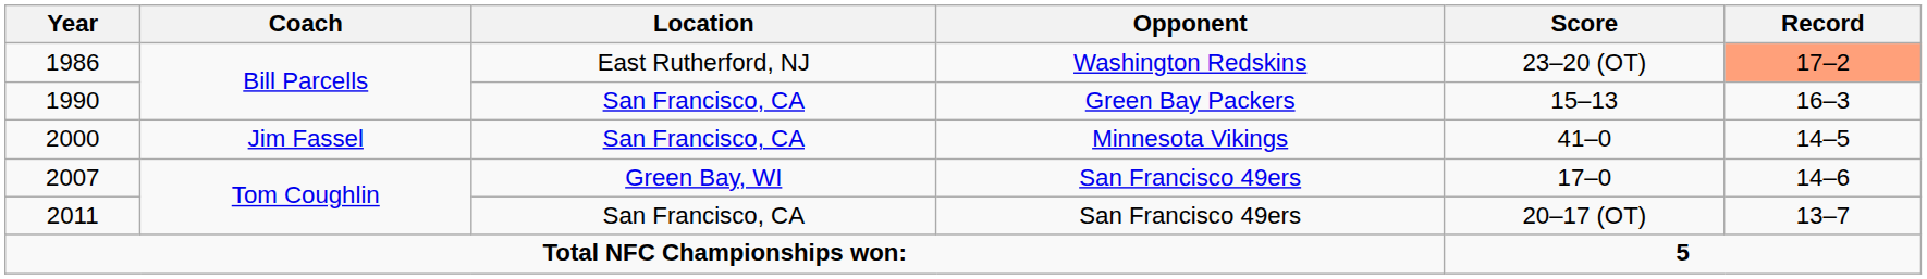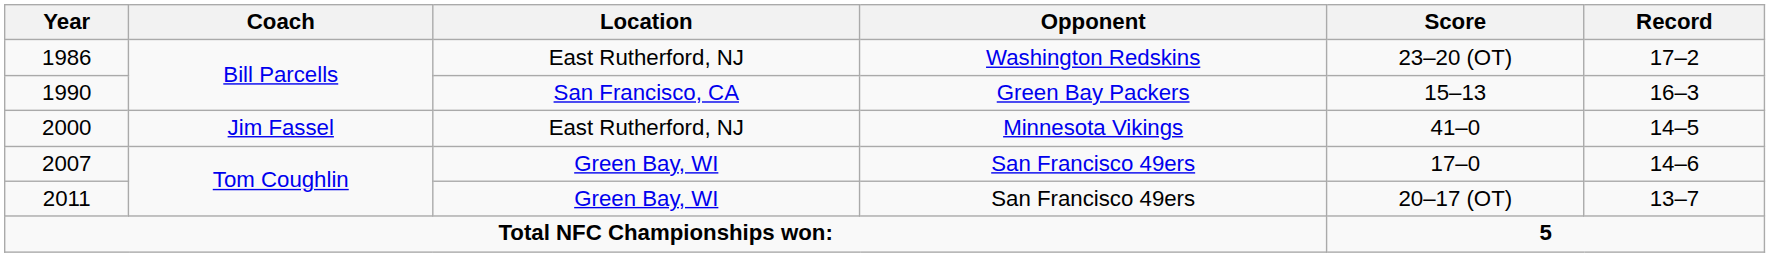 <table class="wikitable" style="width:80%;text-align:center">
 <tr>
 <th>Year</th>
 <th>Coach</th>
 <th>Location</th>
 <th>Opponent</th>
 <th>Score</th>
 <th>Record</th>
 </tr>
 <tr>
 <td>1986</td>
 <td rowspan="2"><a href='#'>Bill Parcells</a></td>
 <td>East Rutherford, NJ</td>
 <td><a href='#'>Washington Redskins</a></td>
 <td>23–20 (OT)</td>
-<td style="background: lightsalmon;">17–2</td>
+<td>17–2</td>
 </tr>
 <tr>
 <td>1990</td>
 <td><a href='#'>San Francisco, CA</a></td>
 <td><a href='#'>Green Bay Packers</a></td>
 <td>15–13</td>
 <td>16–3</td>
 </tr>
 <tr>
 <td>2000</td>
 <td><a href='#'>Jim Fassel</a></td>
-<td><a href='#'>San Francisco, CA</a></td>
+<td>East Rutherford, NJ</td>
 <td><a href='#'>Minnesota Vikings</a></td>
 <td>41–0</td>
 <td>14–5</td>
 </tr>
 <tr>
 <td>2007</td>
 <td rowspan="2"><a href='#'>Tom Coughlin</a></td>
 <td><a href='#'>Green Bay, WI</a></td>
 <td><a href='#'>San Francisco 49ers</a></td>
 <td>17–0</td>
 <td>14–6</td>
 </tr>
 <tr>
 <td>2011</td>
-<td>San Francisco, CA</td>
+<td><a href='#'>Green Bay, WI</a></td>
 <td>San Francisco 49ers</td>
 <td>20–17 (OT)</td>
 <td>13–7</td>
 </tr>
 <tr>
 <td colspan="4"><strong>Total NFC Championships won:</strong></td>
 <td colspan="2"><strong>5</strong></td>
 </tr>
 </table>
